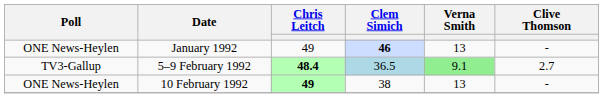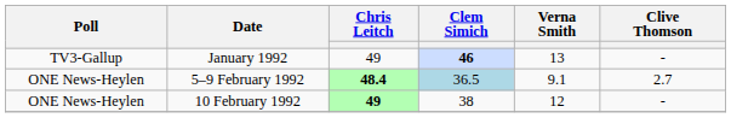 <table class="wikitable" style="width:700px;font-size:90%;line-height:14px;text-align:center;">
 <tr style="height:32px">
 <th style="width:150px;" rowspan="2">Poll</th>
 <th style="width:150px;" rowspan="2">Date</th>
 <th><a href='#'>Chris<br>Leitch</a></th>
 <th><a href='#'>Clem <br>Simich</a></th>
 <th>Verna<br>Smith</th>
 <th>Clive<br>Thomson</th>
 </tr>
 <tr>
 <th class="unsortable" style="color:inherit;background:"></th>
 <th class="unsortable" style="color:inherit;background:"></th>
 <th class="unsortable" style="color:inherit;background:"></th>
 <th class="unsortable" style="color:inherit;background:"></th>
 </tr>
 <tr>
-<td>ONE News-Heylen</td>
+<td>TV3-Gallup</td>
 <td>January 1992</td>
 <td>49</td>
 <td style="background:#CCDDFF"><strong>46</strong></td>
 <td>13</td>
 <td>-</td>
 </tr>
 <tr>
-<td>TV3-Gallup</td>
+<td>ONE News-Heylen</td>
 <td>5–9 February 1992</td>
 <td style="background:#B3FFB3"><strong>48.4</strong></td>
 <td style="background: lightblue;">36.5</td>
-<td style="background: lightgreen;">9.1</td>
+<td>9.1</td>
 <td>2.7</td>
 </tr>
 <tr>
 <td>ONE News-Heylen</td>
 <td>10 February 1992</td>
 <td style="background:#B3FFB3"><strong>49</strong></td>
 <td>38</td>
-<td>13</td>
+<td>12</td>
 <td>-</td>
 </tr>
 <tr>
 </tr>
 </table>
